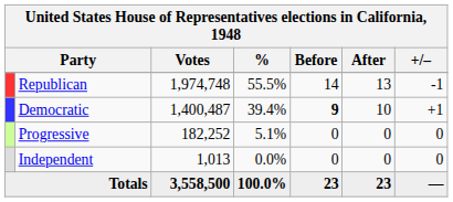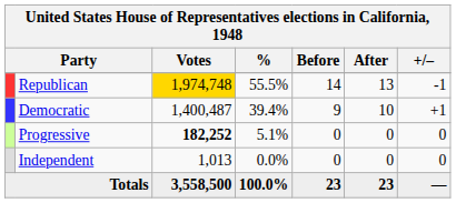 <table class="wikitable" style="font-size: 95%;">
 <tr>
 <th colspan="7">United States House of Representatives elections in California, 1948</th>
 </tr>
 <tr>
 <th colspan=2 style="width: 5em">Party</th>
 <th style="width: 5em">Votes</th>
 <th style="width: 3em">%</th>
 <th style="width: 3em">Before</th>
 <th style="width: 3em">After</th>
 <th style="width: 3em">+/–</th>
 </tr>
 <tr>
 </tr>
 <tr>
 <th style="background-color:#FF3333; width: 3px"></th>
 <td style="width: 130px"><a href='#'>Republican</a></td>
-<td align="right">1,974,748</td>
+<td align="right" style="background: gold;">1,974,748</td>
 <td align="right">55.5%</td>
 <td align="right">14</td>
 <td align="right">13</td>
 <td align="right">-1</td>
 </tr>
 <tr>
 <th style="background-color:#3333FF; width: 3px"></th>
 <td style="width: 130px"><a href='#'>Democratic</a></td>
 <td align="right">1,400,487</td>
 <td align="right">39.4%</td>
-<td align="right"><strong>9</strong></td>
+<td align="right">9</td>
 <td align="right">10</td>
 <td align="right">+1</td>
 </tr>
 <tr>
 <th style="background-color:#CCFF99; width: 3px"></th>
 <td style="width: 130px"><a href='#'>Progressive</a></td>
-<td align="right">182,252</td>
+<td align="right"><strong>182,252</strong></td>
 <td align="right">5.1%</td>
 <td align="right">0</td>
 <td align="right">0</td>
 <td align="right">0</td>
 </tr>
 <tr>
 <th style="background-color:#DDDDDD; width: 3px"></th>
 <td style="width: 130px"><a href='#'>Independent</a></td>
 <td align="right">1,013</td>
 <td align="right">0.0%</td>
 <td align="right">0</td>
 <td align="right">0</td>
 <td align="right">0</td>
 </tr>
 <tr bgcolor="#EEEEEE">
 <td colspan="2" align="right"><strong>Totals</strong></td>
 <td align="right"><strong>3,558,500</strong></td>
 <td align="right"><strong>100.0%</strong></td>
 <td align="right"><strong>23</strong></td>
 <td align="right"><strong>23</strong></td>
 <td align="right"><strong>—</strong></td>
 </tr>
 </table>
